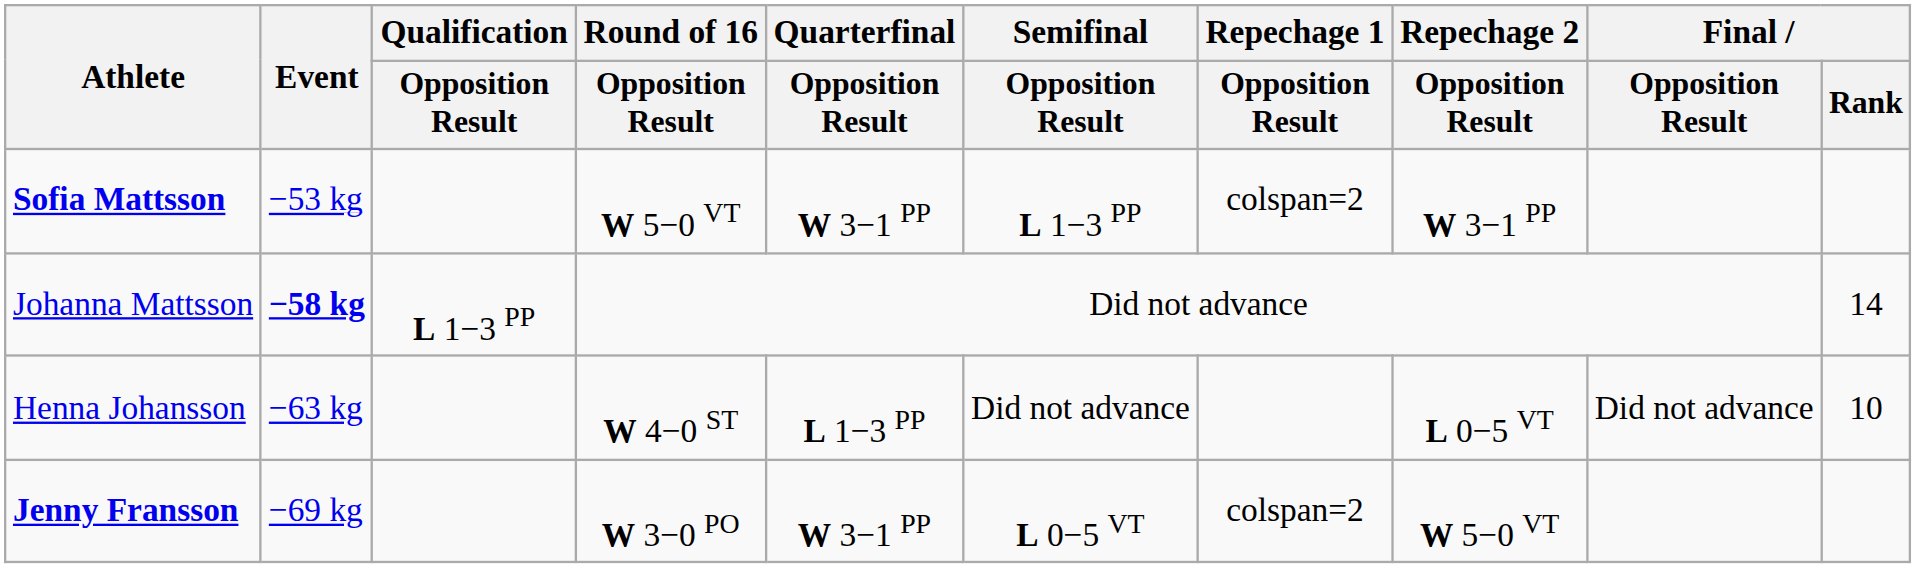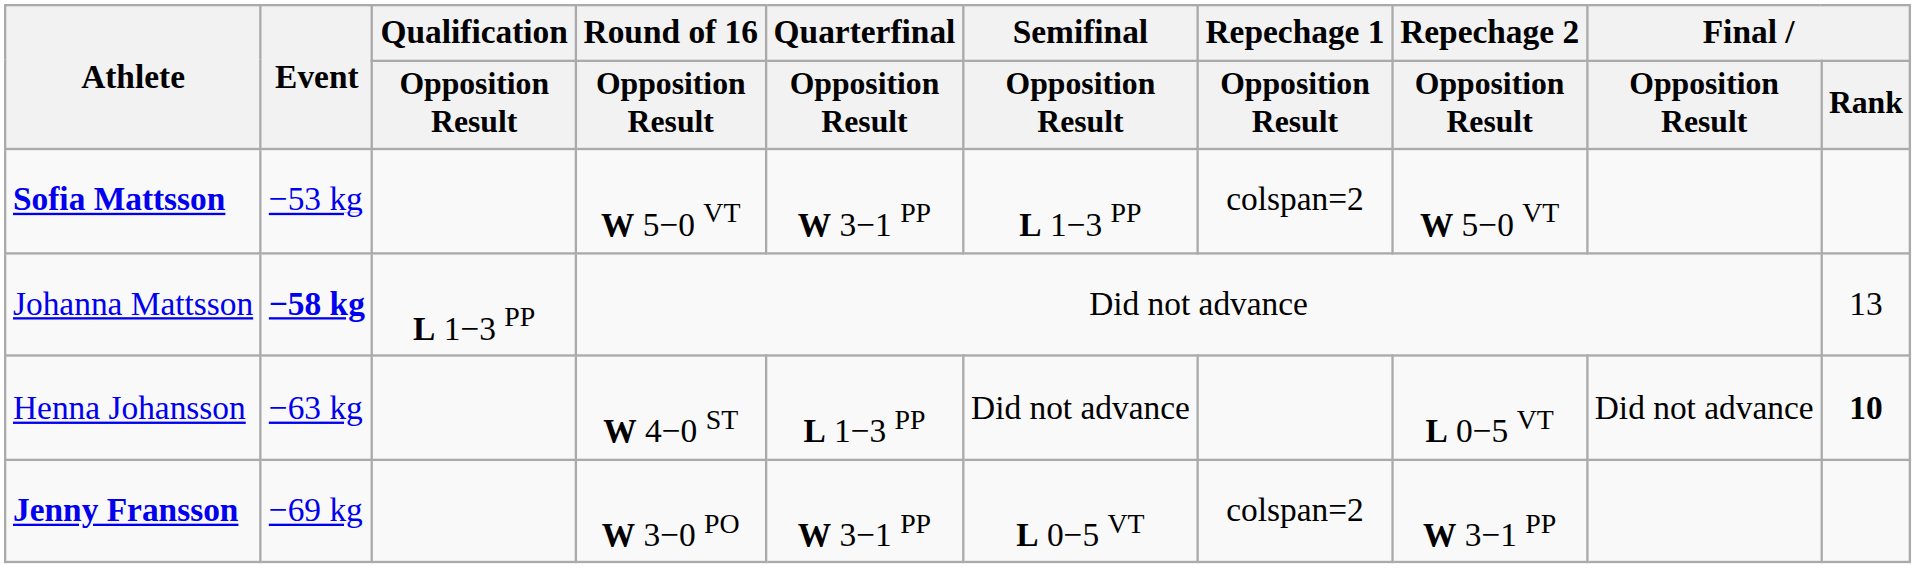 <table class="wikitable" style="font-size:90%">
 <tr>
 <th rowspan=2>Athlete</th>
 <th rowspan=2>Event</th>
 <th>Qualification</th>
 <th>Round of 16</th>
 <th>Quarterfinal</th>
 <th>Semifinal</th>
 <th>Repechage 1</th>
 <th>Repechage 2</th>
 <th colspan=2>Final / </th>
 </tr>
 <tr style="font-size: 95%">
 <th>Opposition<br>Result</th>
 <th>Opposition<br>Result</th>
 <th>Opposition<br>Result</th>
 <th>Opposition<br>Result</th>
 <th>Opposition<br>Result</th>
 <th>Opposition<br>Result</th>
 <th>Opposition<br>Result</th>
 <th>Rank</th>
 </tr>
 <tr align=center>
 <td align=left><strong><a href='#'>Sofia Mattsson</a></strong></td>
 <td align=left><a href='#'>−53 kg</a></td>
 <td></td>
 <td><br><strong>W</strong> 5−0 <sup>VT</sup></td>
 <td><br><strong>W</strong> 3−1 <sup>PP</sup></td>
 <td><br><strong>L</strong> 1−3 <sup>PP</sup></td>
 <td>colspan=2 </td>
-<td><br><strong>W</strong> 3−1 <sup>PP</sup></td>
+<td><br><strong>W</strong> 5−0 <sup>VT</sup></td>
 <td></td>
 </tr>
 <tr align=center>
 <td align=left><a href='#'>Johanna Mattsson</a></td>
 <td align=left><strong><a href='#'>−58 kg</a></strong></td>
 <td><br><strong>L</strong> 1−3 <sup>PP</sup></td>
 <td colspan=6>Did not advance</td>
-<td>14</td>
+<td>13</td>
 </tr>
 <tr align=center>
 <td align=left><a href='#'>Henna Johansson</a></td>
 <td align=left><a href='#'>−63 kg</a></td>
 <td></td>
 <td><br><strong>W</strong> 4−0 <sup>ST</sup></td>
 <td><br><strong>L</strong> 1−3 <sup>PP</sup></td>
 <td>Did not advance</td>
 <td></td>
 <td><br><strong>L</strong> 0−5 <sup>VT</sup></td>
 <td>Did not advance</td>
-<td>10</td>
+<td><strong>10</strong></td>
 </tr>
 <tr align=center>
 <td align=left><strong><a href='#'>Jenny Fransson</a></strong></td>
 <td align=left><a href='#'>−69 kg</a></td>
 <td></td>
 <td><br><strong>W</strong> 3−0 <sup>PO</sup></td>
 <td><br><strong>W</strong> 3−1 <sup>PP</sup></td>
 <td><br><strong>L</strong> 0−5 <sup>VT</sup></td>
 <td>colspan=2 </td>
-<td><br><strong>W</strong> 5−0 <sup>VT</sup></td>
+<td><br><strong>W</strong> 3−1 <sup>PP</sup></td>
 <td></td>
 </tr>
 </table>
